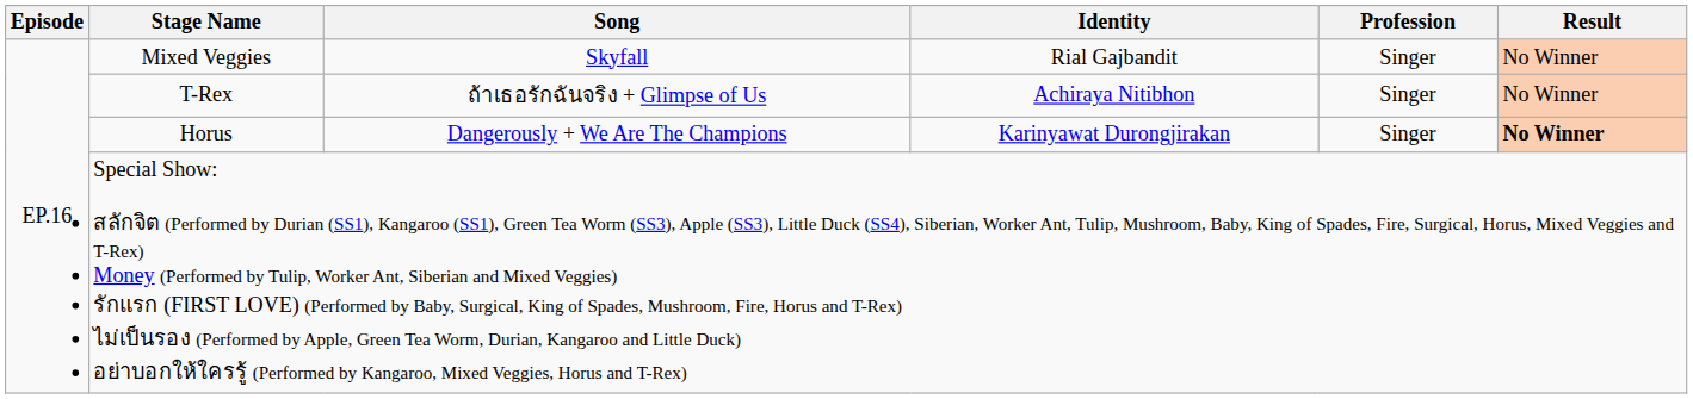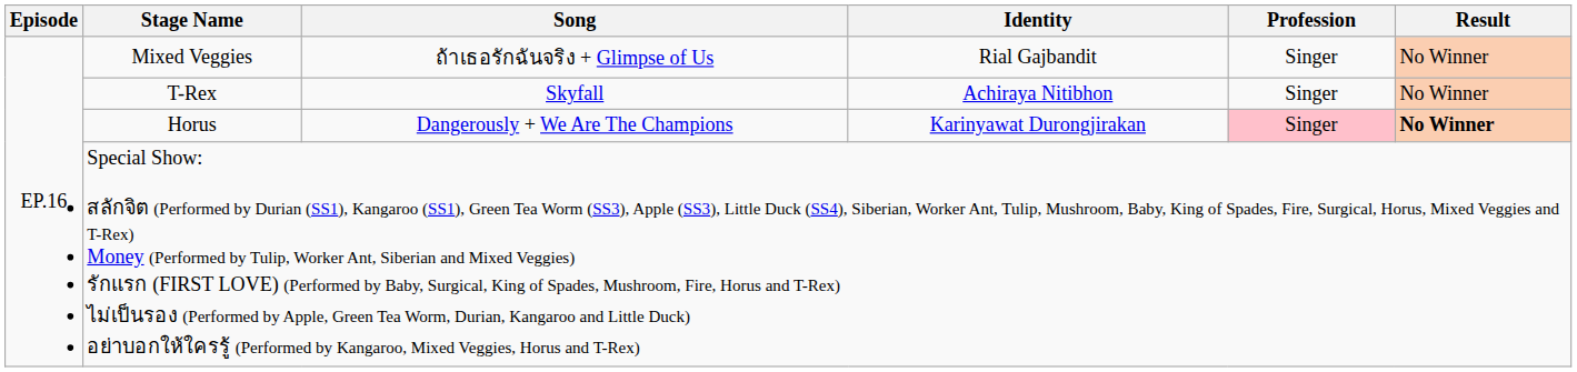 <table class="wikitable">
 <tr>
 <th>Episode</th>
 <th>Stage Name</th>
 <th>Song</th>
 <th>Identity</th>
 <th>Profession</th>
 <th>Result</th>
 </tr>
 <tr>
 <td rowspan="4" align="center">EP.16</td>
 <td style="text-align:center;">Mixed Veggies</td>
-<td style="text-align:center;"><a href='#'>Skyfall</a></td>
+<td style="text-align:center;">ถ้าเธอรักฉันจริง + <a href='#'>Glimpse of Us</a></td>
 <td style="text-align:center;">Rial Gajbandit</td>
 <td style="text-align:center;">Singer</td>
 <td bgcolor=#FBCEB1>No Winner</td>
 </tr>
 <tr>
 <td style="text-align:center;">T-Rex</td>
-<td style="text-align:center;">ถ้าเธอรักฉันจริง + <a href='#'>Glimpse of Us</a></td>
+<td style="text-align:center;"><a href='#'>Skyfall</a></td>
 <td style="text-align:center;"><a href='#'>Achiraya Nitibhon</a></td>
 <td style="text-align:center;">Singer</td>
 <td bgcolor=#FBCEB1>No Winner</td>
 </tr>
 <tr>
 <td style="text-align:center;">Horus</td>
 <td style="text-align:center;"><a href='#'>Dangerously</a> + <a href='#'>We Are The Champions</a></td>
 <td style="text-align:center;"><a href='#'>Karinyawat Durongjirakan</a></td>
-<td style="text-align:center;">Singer</td>
+<td style="background: pink; text-align:center;">Singer</td>
 <td bgcolor=#FBCEB1><strong>No Winner</strong></td>
 </tr>
 <tr>
 <td colspan="5">Special Show:<br><br><li>สลักจิต <small>(Performed by Durian (<a href='#'>SS1</a>), Kangaroo (<a href='#'>SS1</a>), Green Tea Worm (<a href='#'>SS3</a>), Apple (<a href='#'>SS3</a>), Little Duck (<a href='#'>SS4</a>), Siberian, Worker Ant, Tulip, Mushroom, Baby, King of Spades, Fire, Surgical, Horus, Mixed Veggies and T-Rex)</small></li> <li><a href='#'>Money</a> <small>(Performed by Tulip, Worker Ant, Siberian and Mixed Veggies)</small></li> <li>รักแรก (FIRST LOVE) <small>(Performed by Baby, Surgical, King of Spades, Mushroom, Fire, Horus and T-Rex)</small></li> <li>ไม่เป็นรอง <small>(Performed by Apple, Green Tea Worm, Durian, Kangaroo and Little Duck)</small></li> <li>อย่าบอกให้ใครรู้ <small>(Performed by Kangaroo, Mixed Veggies, Horus and T-Rex)</small></li></td>
 </tr>
 </table>
